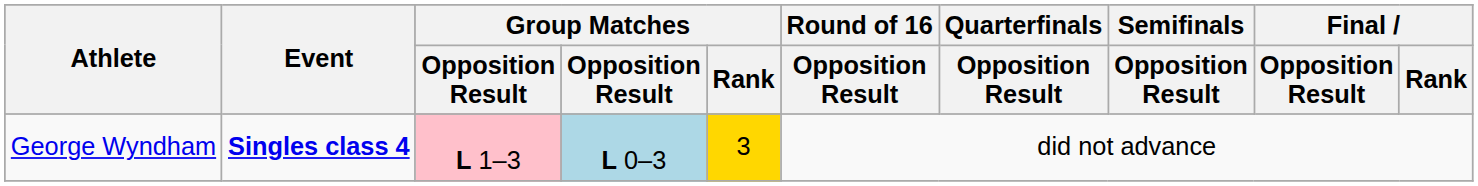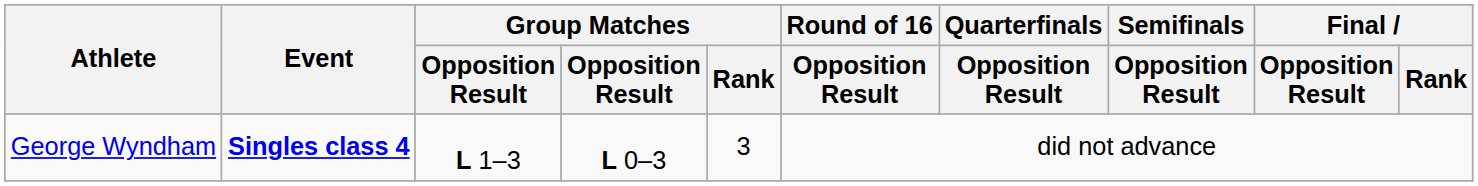 <table class=wikitable style="font-size:90%">
 <tr>
 <th rowspan="2">Athlete</th>
 <th rowspan="2">Event</th>
 <th colspan="3">Group Matches</th>
 <th scope="col">Round of 16</th>
 <th scope="col">Quarterfinals</th>
 <th scope="col">Semifinals</th>
 <th colspan="2">Final / </th>
 </tr>
 <tr>
 <th scope="col">Opposition<br>Result</th>
 <th scope="col">Opposition<br>Result</th>
 <th scope="col">Rank</th>
 <th scope="col">Opposition<br>Result</th>
 <th scope="col">Opposition<br>Result</th>
 <th scope="col">Opposition<br>Result</th>
 <th scope="col">Opposition<br>Result</th>
 <th scope="col">Rank</th>
 </tr>
 <tr align=center>
 <td align=left><a href='#'>George Wyndham</a></td>
 <td align=left><strong><a href='#'>Singles class 4</a></strong></td>
-<td style="background: pink;"><br><strong>L</strong> 1–3</td>
-<td style="background: lightblue;"><br><strong>L</strong> 0–3</td>
-<td style="background: gold;">3</td>
+<td><br><strong>L</strong> 1–3</td>
+<td><br><strong>L</strong> 0–3</td>
+<td>3</td>
 <td colspan=5>did not advance</td>
 </tr>
 </table>
